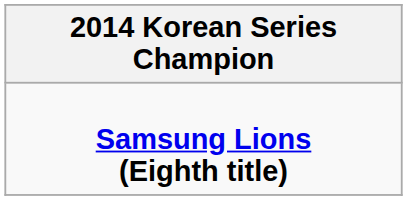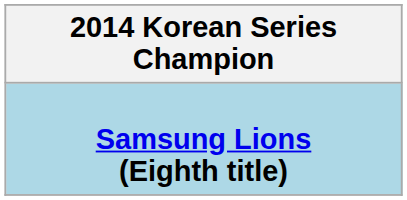 <table width="220" class="wikitable" style="margin:1em auto 1em auto;">
 <tr>
 <th><strong>2014 Korean Series Champion</strong></th>
 </tr>
 <tr align="center">
-<td><br><strong><a href='#'>Samsung Lions</a></strong><br><strong>(Eighth title)</strong></td>
+<td style="background: lightblue;"><br><strong><a href='#'>Samsung Lions</a></strong><br><strong>(Eighth title)</strong></td>
 </tr>
 </table>
